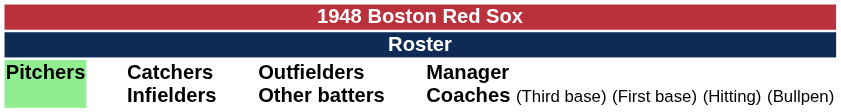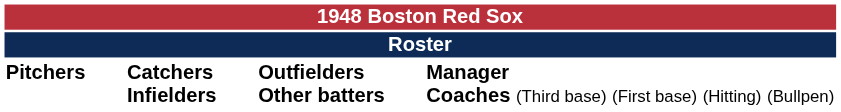 <table class="toccolours" style="text-align: left;">
 <tr>
 <th colspan="10" style="background-color: #ba313c; color: white; text-align: center;">1948 Boston Red Sox</th>
 </tr>
 <tr>
 <td colspan="10" style="background-color:#0d2b56; color: white; text-align: center;"><strong>Roster</strong></td>
 </tr>
 <tr>
-<td valign="top" style="background: lightgreen;"><strong>Pitchers</strong><br>               </td>
+<td valign="top"><strong>Pitchers</strong><br>               </td>
 <td width="25px"></td>
 <td valign="top"><strong>Catchers</strong><br>   <strong>Infielders</strong>       </td>
 <td width="25px"></td>
 <td valign="top"><strong>Outfielders</strong><br>     <strong>Other batters</strong>   </td>
 <td width="25px"></td>
 <td valign="top"><strong>Manager</strong><br> <strong>Coaches</strong>  <small>(Third base)</small>  <small>(First base)</small>  <small>(Hitting)</small>  <small>(Bullpen)</small></td>
 </tr>
 <tr>
 </tr>
 </table>
